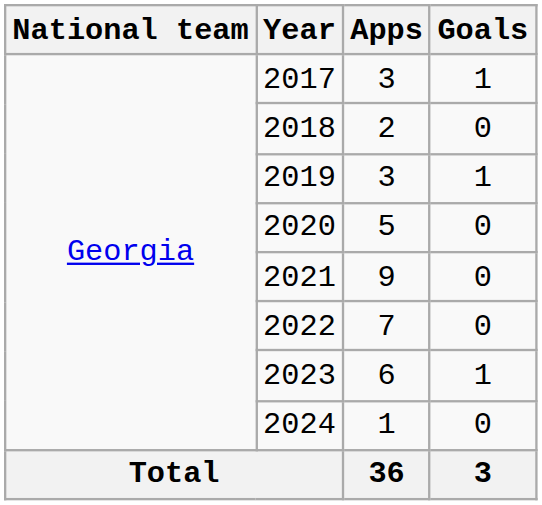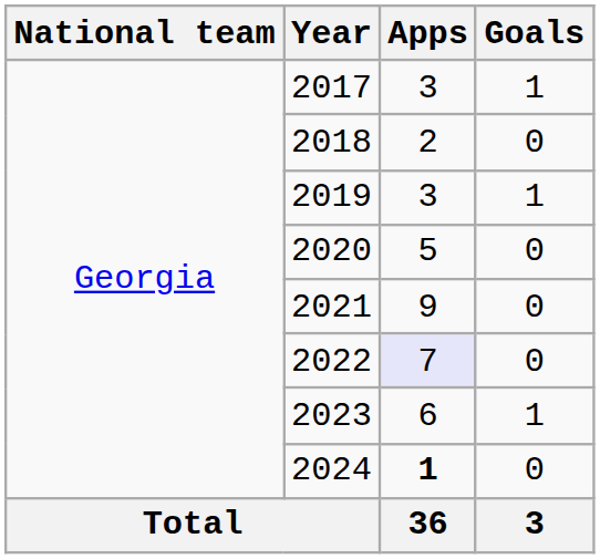 <table class="wikitable" style="text-align:center">
 <tr>
 <th>National team</th>
 <th>Year</th>
 <th>Apps</th>
 <th>Goals</th>
 </tr>
 <tr>
 <td rowspan="8"><a href='#'>Georgia</a></td>
 <td>2017</td>
 <td>3</td>
 <td>1</td>
 </tr>
 <tr>
 <td>2018</td>
 <td>2</td>
 <td>0</td>
 </tr>
 <tr>
 <td>2019</td>
 <td>3</td>
 <td>1</td>
 </tr>
 <tr>
 <td>2020</td>
 <td>5</td>
 <td>0</td>
 </tr>
 <tr>
 <td>2021</td>
 <td>9</td>
 <td>0</td>
 </tr>
 <tr>
 <td>2022</td>
-<td>7</td>
+<td style="background: lavender;">7</td>
 <td>0</td>
 </tr>
 <tr>
 <td>2023</td>
 <td>6</td>
 <td>1</td>
 </tr>
 <tr>
 <td>2024</td>
-<td>1</td>
+<td><strong>1</strong></td>
 <td>0</td>
 </tr>
 <tr>
 <th colspan="2">Total</th>
 <th>36</th>
 <th>3</th>
 </tr>
 </table>
